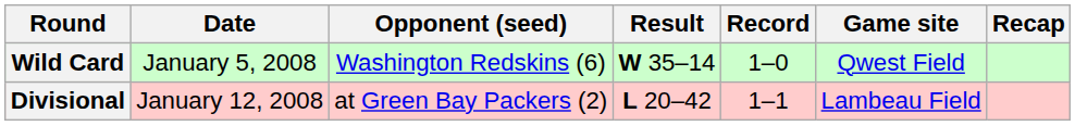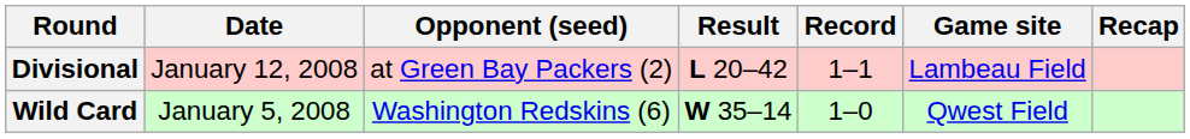 <table class="wikitable" style="text-align:center">
 <tr>
 <th>Round</th>
 <th>Date</th>
 <th>Opponent (seed)</th>
 <th>Result</th>
 <th>Record</th>
 <th>Game site</th>
 <th>Recap</th>
 </tr>
+<tr style="background:#fcc">
+<th>Divisional</th>
+<td>January 12, 2008</td>
+<td>at <a href='#'>Green Bay Packers</a> (2)</td>
+<td><strong>L</strong> 20–42</td>
+<td>1–1</td>
+<td><a href='#'>Lambeau Field</a></td>
+<td></td>
+</tr>
 <tr style="background:#cfc">
 <th>Wild Card</th>
 <td>January 5, 2008</td>
 <td><a href='#'>Washington Redskins</a> (6)</td>
 <td><strong>W</strong> 35–14</td>
 <td>1–0</td>
 <td><a href='#'>Qwest Field</a></td>
 <td></td>
 </tr>
-<tr style="background:#fcc">
-<th>Divisional</th>
-<td>January 12, 2008</td>
-<td>at <a href='#'>Green Bay Packers</a> (2)</td>
-<td><strong>L</strong> 20–42</td>
-<td>1–1</td>
-<td><a href='#'>Lambeau Field</a></td>
-<td></td>
-</tr>
 </table>
